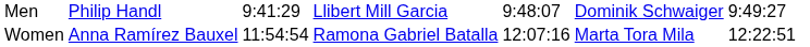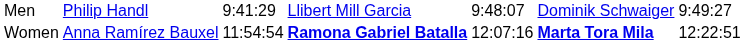 <table>
 <tr>
 <td align="left">Men</td>
 <td> <a href='#'>Philip Handl</a></td>
 <td>9:41:29</td>
 <td> <a href='#'>Llibert Mill Garcia</a></td>
 <td>9:48:07</td>
 <td> <a href='#'>Dominik Schwaiger</a></td>
 <td>9:49:27</td>
 </tr>
 <tr>
 <td align="left">Women</td>
 <td> <a href='#'>Anna Ramírez Bauxel</a></td>
 <td>11:54:54</td>
-<td> <a href='#'>Ramona Gabriel Batalla</a></td>
+<td><strong> <a href='#'>Ramona Gabriel Batalla</a></strong></td>
 <td>12:07:16</td>
-<td> <a href='#'>Marta Tora Mila</a></td>
+<td><strong> <a href='#'>Marta Tora Mila</a></strong></td>
 <td>12:22:51</td>
 </tr>
 </table>
